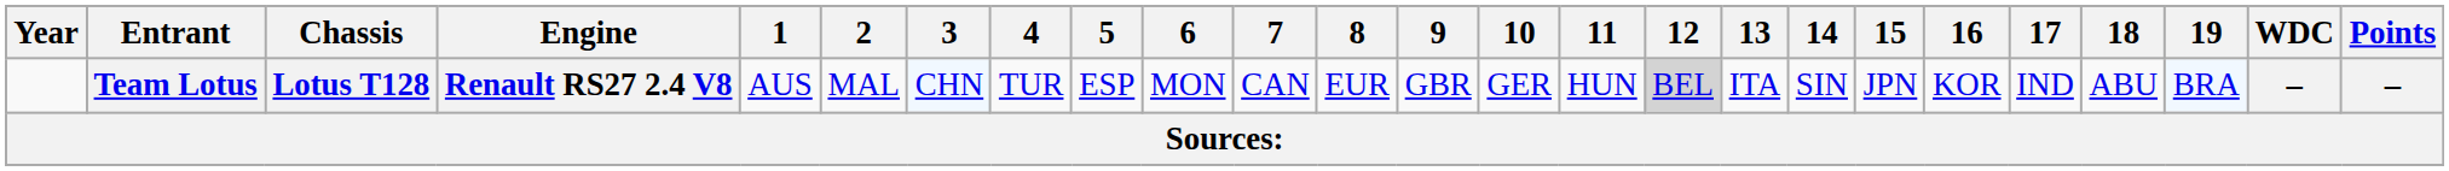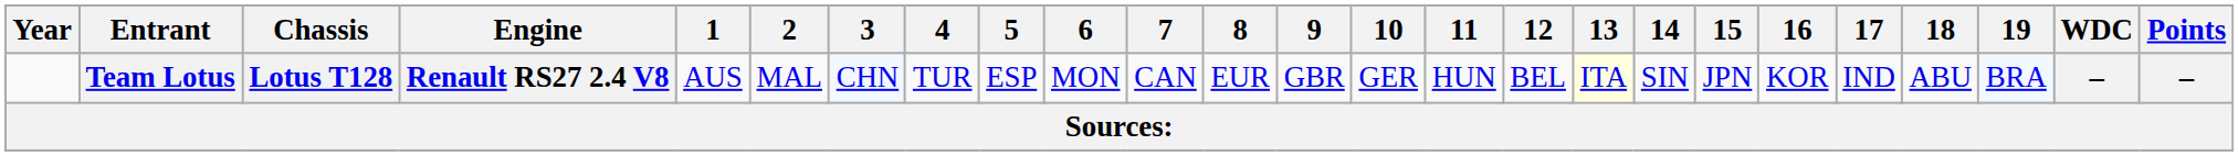 <table class="wikitable" style="text-align:center; font-size:85%">
 <tr>
 <th>Year</th>
 <th>Entrant</th>
 <th>Chassis</th>
 <th>Engine</th>
 <th>1</th>
 <th>2</th>
 <th>3</th>
 <th>4</th>
 <th>5</th>
 <th>6</th>
 <th>7</th>
 <th>8</th>
 <th>9</th>
 <th>10</th>
 <th>11</th>
 <th>12</th>
 <th>13</th>
 <th>14</th>
 <th>15</th>
 <th>16</th>
 <th>17</th>
 <th>18</th>
 <th>19</th>
 <th>WDC</th>
 <th><a href='#'>Points</a></th>
 </tr>
 <tr>
 <td></td>
 <th nowrap><a href='#'>Team Lotus</a></th>
 <th nowrap><a href='#'>Lotus T128</a></th>
 <th nowrap><a href='#'>Renault</a> RS27 2.4 <a href='#'>V8</a></th>
 <td><a href='#'>AUS</a></td>
 <td><a href='#'>MAL</a></td>
 <td style="background:#F1F8FF;"><a href='#'>CHN</a><br></td>
 <td><a href='#'>TUR</a></td>
 <td><a href='#'>ESP</a></td>
 <td><a href='#'>MON</a></td>
 <td><a href='#'>CAN</a></td>
 <td><a href='#'>EUR</a></td>
 <td><a href='#'>GBR</a></td>
 <td><a href='#'>GER</a></td>
 <td><a href='#'>HUN</a></td>
-<td style="background: lightgrey;"><a href='#'>BEL</a></td>
-<td><a href='#'>ITA</a></td>
+<td><a href='#'>BEL</a></td>
+<td style="background: lightyellow;"><a href='#'>ITA</a></td>
 <td><a href='#'>SIN</a></td>
 <td><a href='#'>JPN</a></td>
 <td><a href='#'>KOR</a></td>
 <td><a href='#'>IND</a></td>
 <td><a href='#'>ABU</a></td>
 <td style="background:#F1F8FF;"><a href='#'>BRA</a><br></td>
 <th>–</th>
 <th>–</th>
 </tr>
 <tr>
 <th colspan="25">Sources:</th>
 </tr>
 </table>
